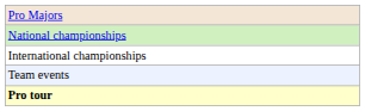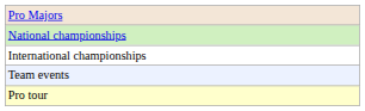 <table class="wikitable"  style="font-size:85%; width:20%;">
 <tr style="background:#F3E6D7;">
 <td><a href='#'>Pro Majors</a></td>
 </tr>
 <tr style="background:#d0f0c0;">
 <td><a href='#'>National championships</a></td>
 </tr>
 <tr style="background:#fff;">
 <td>International championships</td>
 </tr>
 <tr style="background:#ECF2FF;">
 <td>Team events</td>
 </tr>
 <tr style="background:#ffc;">
-<td><strong>Pro tour</strong></td>
+<td>Pro tour</td>
 </tr>
 </table>
